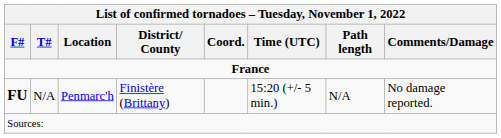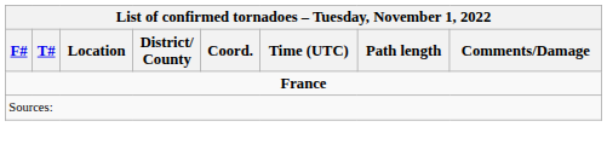 <table class="wikitable collapsible" width="100%">
 <tr>
 <th colspan="8">List of confirmed tornadoes – Tuesday, November 1, 2022</th>
 </tr>
 <tr>
 <th><a href='#'>F#</a></th>
 <th><a href='#'>T#</a></th>
 <th>Location</th>
 <th>District/<br>County</th>
 <th>Coord.</th>
 <th>Time (UTC)</th>
 <th>Path length</th>
 <th>Comments/Damage</th>
 </tr>
 <tr>
 <td colspan="8" align=center><strong>France</strong></td>
 </tr>
 <tr>
-<td><big><strong>FU</strong></big></td>
-<td>N/A</td>
-<td><a href='#'>Penmarc'h</a></td>
-<td><a href='#'>Finistère</a> (<a href='#'>Brittany</a>)</td>
-<td></td>
-<td>15:20 (+/- 5 min.)</td>
-<td>N/A</td>
-<td>No damage reported.</td>
-</tr>
-<tr>
 <td colspan="8"><small>Sources:  </small></td>
 </tr>
 </table>
